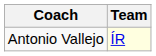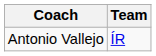 <table class="wikitable">
 <tr>
 <th align="center">Coach</th>
 <th align="center">Team</th>
 </tr>
 <tr>
 <td> Antonio Vallejo</td>
-<td style="background: lightyellow;"><a href='#'>ÍR</a></td>
+<td><a href='#'>ÍR</a></td>
 </tr>
 </table>
